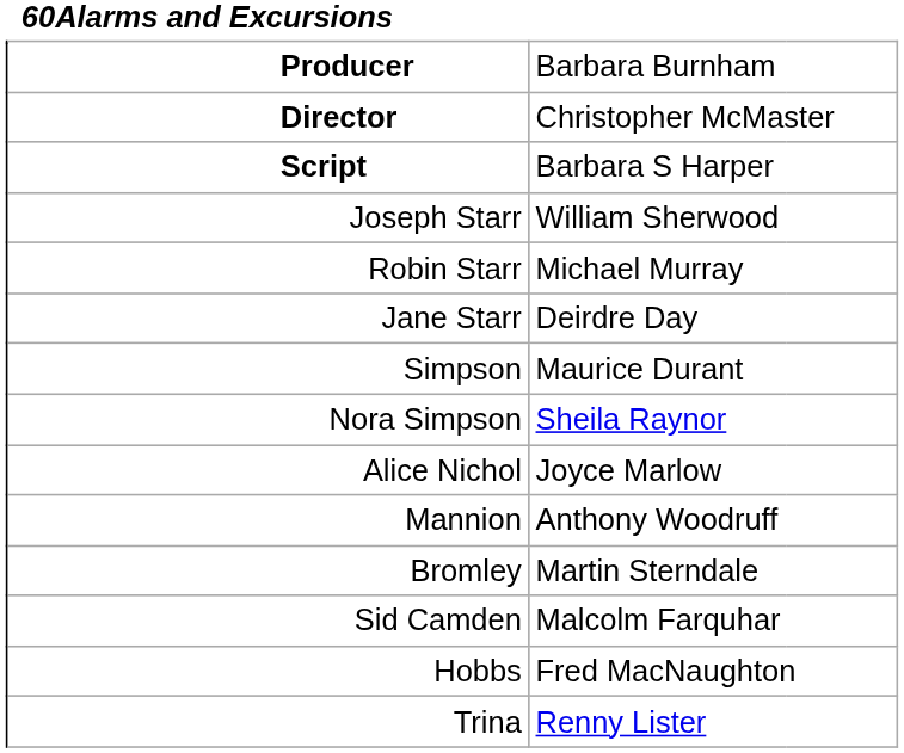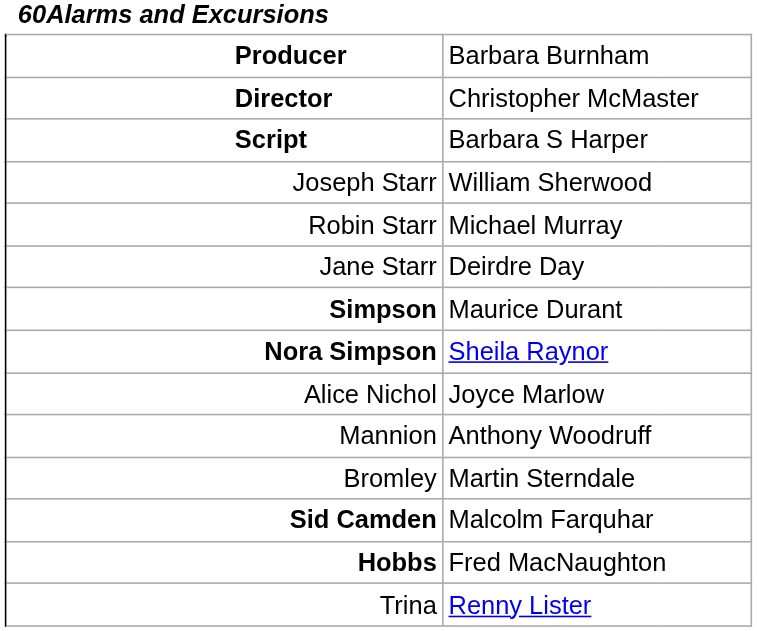 <table class="wikitable mw-collapsible mw-collapsed" style="vertical-align:top;margin:auto 2em;line-height:1.2;min-width:33em;display: inline-table;background-color:inherit;border:none;">
 <tr>
 <td class=unsortable style="border:hidden;line-height:1.67;text-align:center;margin-left:-1em;padding-left:0.5em;min-width:1.0em;"></td>
 <td class=unsortable style="border:none;padding-left:0.5em;text-align:left;min-width:16.5em;font-weight:700;font-style:italic;">60Alarms and Excursions</td>
 <td class=unsortable style="border:none;text-align:right;font-weight:normal;font-family:Courier;font-size:95%;letter-spacing:-1pt;min-width:8.5em;padding-right:0.2em;"></td>
 <td class=unsortable style="border:hidden;min-width:3.5em;padding-left:0;"></td>
 <td class=unsortable style="border:hidden;min-width:3.5em;font-size:95%;"></td>
 </tr>
 <tr>
 <td rowspan=100 style="border:none thin;border-right-style :solid;"></td>
 </tr>
 <tr>
 <td style="text-align:left;padding-left:9.0em;font-weight:bold;">Producer</td>
 <td colspan=2>Barbara Burnham</td>
 </tr>
 <tr>
 <td style="text-align:left;padding-left:9.0em;font-weight:bold;">Director</td>
 <td colspan=2>Christopher McMaster</td>
 </tr>
 <tr>
 <td style="text-align:left;padding-left:9.0em;font-weight:bold;">Script</td>
 <td colspan=2>Barbara S Harper</td>
 </tr>
 <tr>
 <td style="text-align:right;">Joseph Starr</td>
 <td colspan=2>William Sherwood</td>
 </tr>
 <tr>
 <td style="text-align:right;">Robin Starr</td>
 <td colspan=2>Michael Murray</td>
 </tr>
 <tr>
 <td style="text-align:right;">Jane Starr</td>
 <td colspan=2>Deirdre Day</td>
 </tr>
 <tr>
-<td style="text-align:right;">Simpson</td>
+<td style="text-align:right;"><strong>Simpson</strong></td>
 <td colspan=2>Maurice Durant</td>
 </tr>
 <tr>
-<td style="text-align:right;">Nora Simpson</td>
+<td style="text-align:right;"><strong>Nora Simpson</strong></td>
 <td colspan=2><a href='#'>Sheila Raynor</a></td>
 </tr>
 <tr>
 <td style="text-align:right;">Alice Nichol</td>
 <td colspan=2>Joyce Marlow</td>
 </tr>
 <tr>
 <td style="text-align:right;">Mannion</td>
 <td colspan=2>Anthony Woodruff</td>
 </tr>
 <tr>
 <td style="text-align:right;">Bromley</td>
 <td colspan=2>Martin Sterndale</td>
 </tr>
 <tr>
-<td style="text-align:right;">Sid Camden</td>
+<td style="text-align:right;"><strong>Sid Camden</strong></td>
 <td colspan=2>Malcolm Farquhar</td>
 </tr>
 <tr>
-<td style="text-align:right;">Hobbs</td>
+<td style="text-align:right;"><strong>Hobbs</strong></td>
 <td colspan=2>Fred MacNaughton</td>
 </tr>
 <tr>
 <td style="text-align:right;">Trina</td>
 <td colspan=2><a href='#'>Renny Lister</a></td>
 </tr>
 </table>
